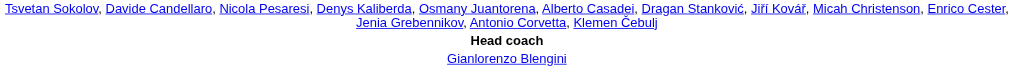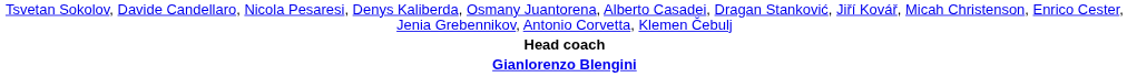 <table style="text-align: center; margin-top: 2em; margin-left: auto; margin-right: auto">
 <tr>
 <td><a href='#'>Tsvetan Sokolov</a>, <a href='#'>Davide Candellaro</a>, <a href='#'>Nicola Pesaresi</a>, <a href='#'>Denys Kaliberda</a>, <a href='#'>Osmany Juantorena</a>, <a href='#'>Alberto Casadei</a>, <a href='#'>Dragan Stanković</a>, <a href='#'>Jiří Kovář</a>, <a href='#'>Micah Christenson</a>, <a href='#'>Enrico Cester</a>, <a href='#'>Jenia Grebennikov</a>, <a href='#'>Antonio Corvetta</a>, <a href='#'>Klemen Čebulj</a></td>
 </tr>
 <tr>
 <td><strong>Head coach</strong></td>
 </tr>
 <tr>
-<td><a href='#'>Gianlorenzo Blengini</a></td>
+<td><strong><a href='#'>Gianlorenzo Blengini</a></strong></td>
 </tr>
 </table>
